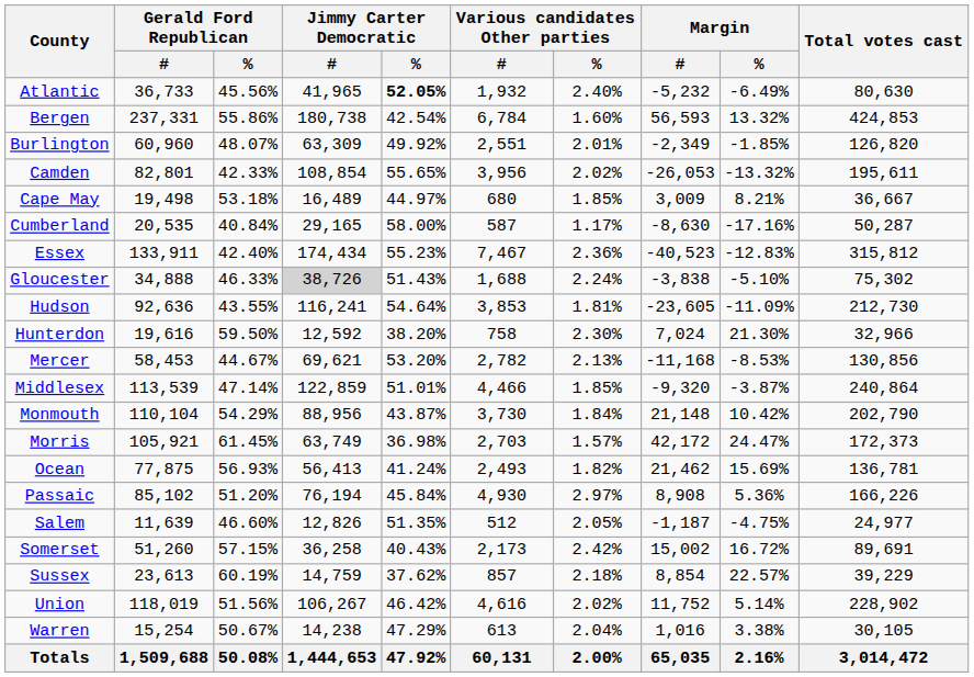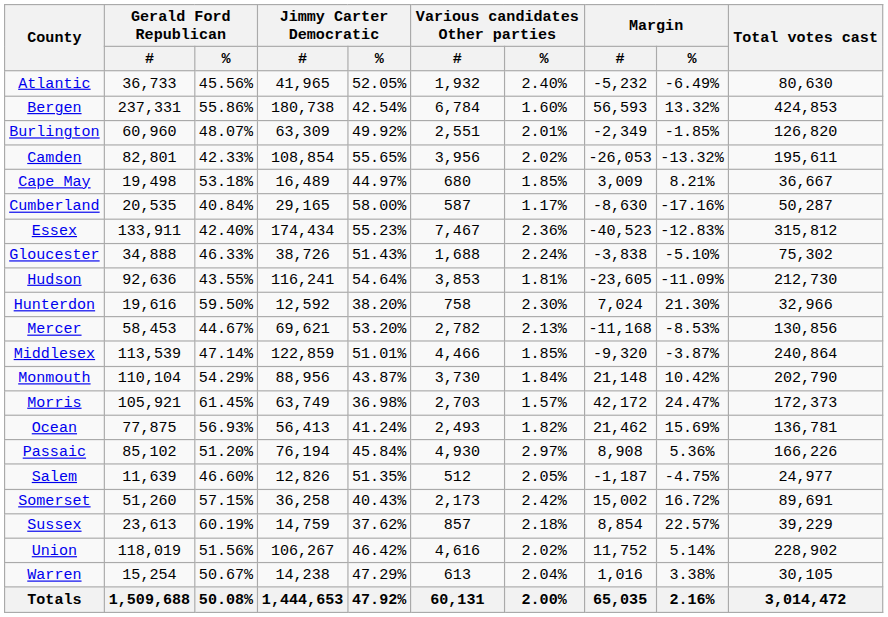 <table width="60%"  class="wikitable sortable" style="text-align:center">
 <tr>
 <th style="text-align:center;" rowspan="2">County</th>
 <th style="text-align:center;" colspan="2">Gerald Ford<br>Republican</th>
 <th style="text-align:center;" colspan="2">Jimmy Carter<br>Democratic</th>
 <th style="text-align:center;" colspan="2">Various candidates<br>Other parties</th>
 <th style="text-align:center;" colspan="2">Margin</th>
 <th style="text-align:center;" rowspan="2">Total votes cast</th>
 </tr>
 <tr>
 <th style="text-align:center;" data-sort-type="number">#</th>
 <th style="text-align:center;" data-sort-type="number">%</th>
 <th style="text-align:center;" data-sort-type="number">#</th>
 <th style="text-align:center;" data-sort-type="number">%</th>
 <th style="text-align:center;" data-sort-type="number">#</th>
 <th style="text-align:center;" data-sort-type="number">%</th>
 <th style="text-align:center;" data-sort-type="number">#</th>
 <th style="text-align:center;" data-sort-type="number">%</th>
 </tr>
 <tr style="text-align:center;">
 <td><a href='#'>Atlantic</a></td>
 <td>36,733</td>
 <td>45.56%</td>
 <td>41,965</td>
-<td><strong>52.05%</strong></td>
+<td>52.05%</td>
 <td>1,932</td>
 <td>2.40%</td>
 <td>-5,232</td>
 <td>-6.49%</td>
 <td>80,630</td>
 </tr>
 <tr style="text-align:center;">
 <td><a href='#'>Bergen</a></td>
 <td>237,331</td>
 <td>55.86%</td>
 <td>180,738</td>
 <td>42.54%</td>
 <td>6,784</td>
 <td>1.60%</td>
 <td>56,593</td>
 <td>13.32%</td>
 <td>424,853</td>
 </tr>
 <tr style="text-align:center;">
 <td><a href='#'>Burlington</a></td>
 <td>60,960</td>
 <td>48.07%</td>
 <td>63,309</td>
 <td>49.92%</td>
 <td>2,551</td>
 <td>2.01%</td>
 <td>-2,349</td>
 <td>-1.85%</td>
 <td>126,820</td>
 </tr>
 <tr style="text-align:center;">
 <td><a href='#'>Camden</a></td>
 <td>82,801</td>
 <td>42.33%</td>
 <td>108,854</td>
 <td>55.65%</td>
 <td>3,956</td>
 <td>2.02%</td>
 <td>-26,053</td>
 <td>-13.32%</td>
 <td>195,611</td>
 </tr>
 <tr style="text-align:center;">
 <td><a href='#'>Cape May</a></td>
 <td>19,498</td>
 <td>53.18%</td>
 <td>16,489</td>
 <td>44.97%</td>
 <td>680</td>
 <td>1.85%</td>
 <td>3,009</td>
 <td>8.21%</td>
 <td>36,667</td>
 </tr>
 <tr style="text-align:center;">
 <td><a href='#'>Cumberland</a></td>
 <td>20,535</td>
 <td>40.84%</td>
 <td>29,165</td>
 <td>58.00%</td>
 <td>587</td>
 <td>1.17%</td>
 <td>-8,630</td>
 <td>-17.16%</td>
 <td>50,287</td>
 </tr>
 <tr style="text-align:center;">
 <td><a href='#'>Essex</a></td>
 <td>133,911</td>
 <td>42.40%</td>
 <td>174,434</td>
 <td>55.23%</td>
 <td>7,467</td>
 <td>2.36%</td>
 <td>-40,523</td>
 <td>-12.83%</td>
 <td>315,812</td>
 </tr>
 <tr style="text-align:center;">
 <td><a href='#'>Gloucester</a></td>
 <td>34,888</td>
 <td>46.33%</td>
-<td style="background: lightgrey;">38,726</td>
+<td>38,726</td>
 <td>51.43%</td>
 <td>1,688</td>
 <td>2.24%</td>
 <td>-3,838</td>
 <td>-5.10%</td>
 <td>75,302</td>
 </tr>
 <tr style="text-align:center;">
 <td><a href='#'>Hudson</a></td>
 <td>92,636</td>
 <td>43.55%</td>
 <td>116,241</td>
 <td>54.64%</td>
 <td>3,853</td>
 <td>1.81%</td>
 <td>-23,605</td>
 <td>-11.09%</td>
 <td>212,730</td>
 </tr>
 <tr style="text-align:center;">
 <td><a href='#'>Hunterdon</a></td>
 <td>19,616</td>
 <td>59.50%</td>
 <td>12,592</td>
 <td>38.20%</td>
 <td>758</td>
 <td>2.30%</td>
 <td>7,024</td>
 <td>21.30%</td>
 <td>32,966</td>
 </tr>
 <tr style="text-align:center;">
 <td><a href='#'>Mercer</a></td>
 <td>58,453</td>
 <td>44.67%</td>
 <td>69,621</td>
 <td>53.20%</td>
 <td>2,782</td>
 <td>2.13%</td>
 <td>-11,168</td>
 <td>-8.53%</td>
 <td>130,856</td>
 </tr>
 <tr style="text-align:center;">
 <td><a href='#'>Middlesex</a></td>
 <td>113,539</td>
 <td>47.14%</td>
 <td>122,859</td>
 <td>51.01%</td>
 <td>4,466</td>
 <td>1.85%</td>
 <td>-9,320</td>
 <td>-3.87%</td>
 <td>240,864</td>
 </tr>
 <tr style="text-align:center;">
 <td><a href='#'>Monmouth</a></td>
 <td>110,104</td>
 <td>54.29%</td>
 <td>88,956</td>
 <td>43.87%</td>
 <td>3,730</td>
 <td>1.84%</td>
 <td>21,148</td>
 <td>10.42%</td>
 <td>202,790</td>
 </tr>
 <tr style="text-align:center;">
 <td><a href='#'>Morris</a></td>
 <td>105,921</td>
 <td>61.45%</td>
 <td>63,749</td>
 <td>36.98%</td>
 <td>2,703</td>
 <td>1.57%</td>
 <td>42,172</td>
 <td>24.47%</td>
 <td>172,373</td>
 </tr>
 <tr style="text-align:center;">
 <td><a href='#'>Ocean</a></td>
 <td>77,875</td>
 <td>56.93%</td>
 <td>56,413</td>
 <td>41.24%</td>
 <td>2,493</td>
 <td>1.82%</td>
 <td>21,462</td>
 <td>15.69%</td>
 <td>136,781</td>
 </tr>
 <tr style="text-align:center;">
 <td><a href='#'>Passaic</a></td>
 <td>85,102</td>
 <td>51.20%</td>
 <td>76,194</td>
 <td>45.84%</td>
 <td>4,930</td>
 <td>2.97%</td>
 <td>8,908</td>
 <td>5.36%</td>
 <td>166,226</td>
 </tr>
 <tr style="text-align:center;">
 <td><a href='#'>Salem</a></td>
 <td>11,639</td>
 <td>46.60%</td>
 <td>12,826</td>
 <td>51.35%</td>
 <td>512</td>
 <td>2.05%</td>
 <td>-1,187</td>
 <td>-4.75%</td>
 <td>24,977</td>
 </tr>
 <tr style="text-align:center;">
 <td><a href='#'>Somerset</a></td>
 <td>51,260</td>
 <td>57.15%</td>
 <td>36,258</td>
 <td>40.43%</td>
 <td>2,173</td>
 <td>2.42%</td>
 <td>15,002</td>
 <td>16.72%</td>
 <td>89,691</td>
 </tr>
 <tr style="text-align:center;">
 <td><a href='#'>Sussex</a></td>
 <td>23,613</td>
 <td>60.19%</td>
 <td>14,759</td>
 <td>37.62%</td>
 <td>857</td>
 <td>2.18%</td>
 <td>8,854</td>
 <td>22.57%</td>
 <td>39,229</td>
 </tr>
 <tr style="text-align:center;">
 <td><a href='#'>Union</a></td>
 <td>118,019</td>
 <td>51.56%</td>
 <td>106,267</td>
 <td>46.42%</td>
 <td>4,616</td>
 <td>2.02%</td>
 <td>11,752</td>
 <td>5.14%</td>
 <td>228,902</td>
 </tr>
 <tr style="text-align:center;">
 <td><a href='#'>Warren</a></td>
 <td>15,254</td>
 <td>50.67%</td>
 <td>14,238</td>
 <td>47.29%</td>
 <td>613</td>
 <td>2.04%</td>
 <td>1,016</td>
 <td>3.38%</td>
 <td>30,105</td>
 </tr>
 <tr style="text-align:center;">
 <th>Totals</th>
 <th>1,509,688</th>
 <th>50.08%</th>
 <th>1,444,653</th>
 <th>47.92%</th>
 <th>60,131</th>
 <th>2.00%</th>
 <th>65,035</th>
 <th>2.16%</th>
 <th>3,014,472</th>
 </tr>
 </table>
